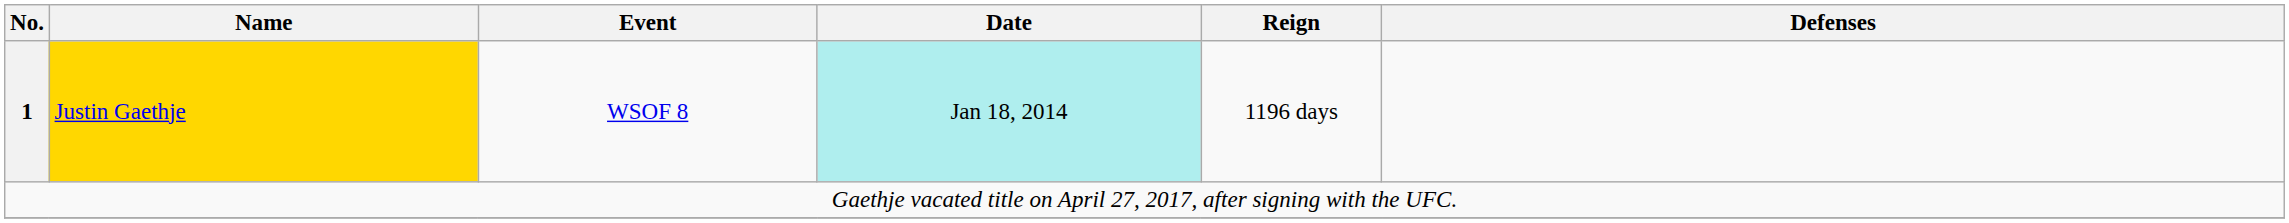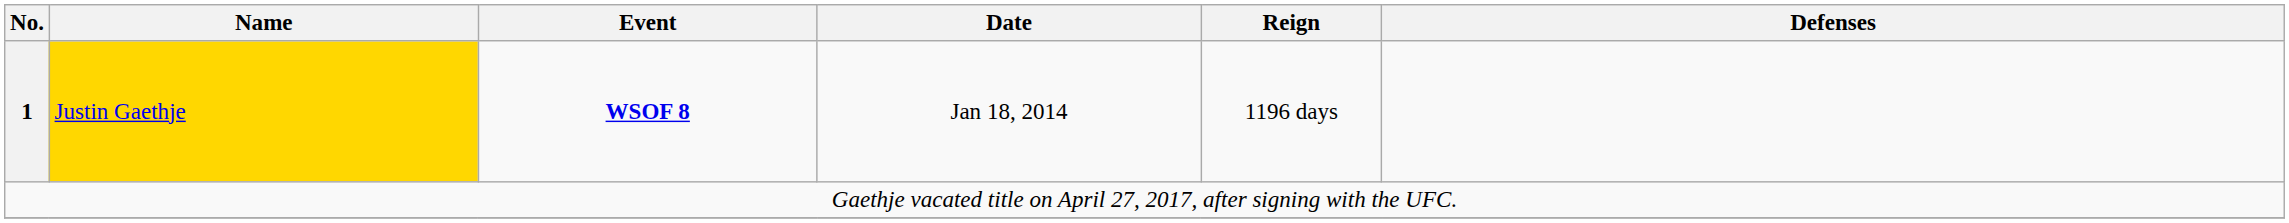 <table class="wikitable" width=100%>
 <tr>
 <th width=1%>No.</th>
 <th width=19%>Name</th>
 <th width=15%>Event</th>
 <th width=17%>Date</th>
 <th width=8%>Reign</th>
 <th width=40%>Defenses</th>
 </tr>
 <tr>
 <th>1</th>
 <td style="background: gold;"> <a href='#'>Justin Gaethje</a><br></td>
-<td align=center><a href='#'>WSOF 8</a><br></td>
-<td align=center style="background: paleturquoise;">Jan 18, 2014</td>
+<td align=center><strong><a href='#'>WSOF 8</a><br></strong></td>
+<td align=center>Jan 18, 2014</td>
 <td align=center>1196 days</td>
 <td><br><br> <br> <br> <br> </td>
 </tr>
 <tr>
 <td align="center" colspan="6"><em>Gaethje vacated title on April 27, 2017, after signing with the UFC.</em></td>
 </tr>
 <tr>
 </tr>
 </table>
